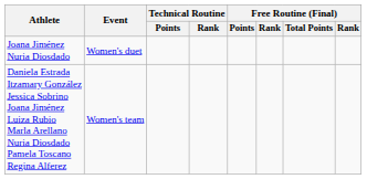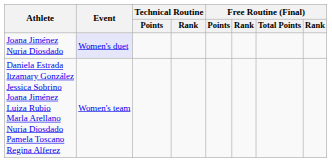 <table class=wikitable style="font-size:90%">
 <tr>
 <th rowspan="2">Athlete</th>
 <th rowspan="2">Event</th>
 <th colspan="2">Technical Routine</th>
 <th colspan="4">Free Routine (Final)</th>
 </tr>
 <tr style="font-size:95%">
 <th>Points</th>
 <th>Rank</th>
 <th>Points</th>
 <th>Rank</th>
 <th>Total Points</th>
 <th>Rank</th>
 </tr>
 <tr align=center>
 <td align=left><a href='#'>Joana Jiménez</a><br><a href='#'>Nuria Diosdado</a></td>
-<td align=left><a href='#'>Women's duet</a></td>
+<td align=left style="background: lavender;"><a href='#'>Women's duet</a></td>
 <td></td>
 <td></td>
 <td></td>
 <td></td>
 <td></td>
 <td></td>
 </tr>
 <tr align=center>
 <td align=left><a href='#'>Daniela Estrada</a><br><a href='#'>Itzamary González</a><br><a href='#'>Jessica Sobrino</a><br><a href='#'>Joana Jiménez</a><br><a href='#'>Luiza Rubio</a><br><a href='#'>Marla Arellano</a><br><a href='#'>Nuria Diosdado</a><br><a href='#'>Pamela Toscano</a><br><a href='#'>Regina Alferez</a></td>
 <td align=left><a href='#'>Women's team</a></td>
 <td></td>
 <td></td>
 <td></td>
 <td></td>
 <td></td>
 <td></td>
 </tr>
 </table>
